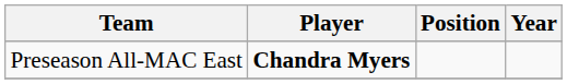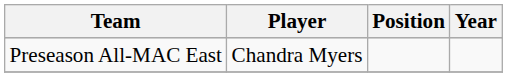 <table class="wikitable" border="1">
 <tr align=center>
 <th style= >Team</th>
 <th style= >Player</th>
 <th style= >Position</th>
 <th style= >Year</th>
 </tr>
 <tr align="center">
 </tr>
 <tr>
 <td>Preseason All-MAC East</td>
-<td><strong>Chandra Myers</strong></td>
+<td>Chandra Myers</td>
 <td></td>
 <td></td>
 </tr>
 <tr>
 </tr>
 </table>
